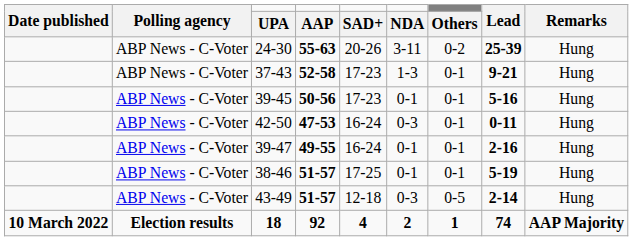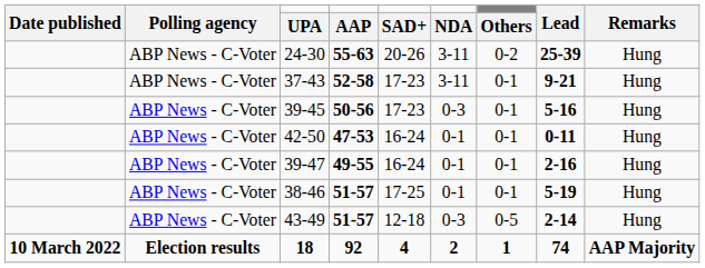 <table class="wikitable sortable" style="text-align:center">
 <tr>
 <th rowspan="2">Date published</th>
 <th rowspan="2">Polling agency</th>
 <td></td>
 <td></td>
 <td></td>
 <td></td>
 <td bgcolor="gray"></td>
 <th rowspan="2">Lead</th>
 <th rowspan="2">Remarks</th>
 </tr>
 <tr>
 <th>UPA</th>
 <th>AAP</th>
 <th>SAD+</th>
 <th>NDA</th>
 <th>Others</th>
 </tr>
 <tr>
 <td></td>
 <td>ABP News - C-Voter</td>
 <td>24-30</td>
 <td><strong>55-63</strong></td>
 <td>20-26</td>
 <td>3-11</td>
 <td>0-2</td>
 <td><strong>25-39</strong></td>
 <td>Hung</td>
 </tr>
 <tr>
 <td></td>
 <td>ABP News - C-Voter</td>
 <td>37-43</td>
 <td><strong>52-58</strong></td>
 <td>17-23</td>
-<td>1-3</td>
+<td>3-11</td>
 <td>0-1</td>
 <td><strong>9-21</strong></td>
 <td>Hung</td>
 </tr>
 <tr>
 <td></td>
 <td><a href='#'>ABP News</a> - C-Voter</td>
 <td>39-45</td>
 <td><strong>50-56</strong></td>
 <td>17-23</td>
-<td>0-1</td>
+<td>0-3</td>
 <td>0-1</td>
 <td><strong>5-16</strong></td>
 <td>Hung</td>
 </tr>
 <tr>
 <td></td>
 <td><a href='#'>ABP News</a> - C-Voter</td>
 <td>42-50</td>
 <td><strong>47-53</strong></td>
 <td>16-24</td>
-<td>0-3</td>
+<td>0-1</td>
 <td>0-1</td>
 <td><strong>0-11</strong></td>
 <td>Hung</td>
 </tr>
 <tr>
 <td></td>
 <td><a href='#'>ABP News</a> - C-Voter</td>
 <td>39-47</td>
 <td><strong>49-55</strong></td>
 <td>16-24</td>
 <td>0-1</td>
 <td>0-1</td>
 <td><strong>2-16</strong></td>
 <td>Hung</td>
 </tr>
 <tr>
 <td></td>
 <td><a href='#'>ABP News</a> - C-Voter</td>
 <td>38-46</td>
 <td><strong>51-57</strong></td>
 <td>17-25</td>
 <td>0-1</td>
 <td>0-1</td>
 <td><strong>5-19</strong></td>
 <td>Hung</td>
 </tr>
 <tr>
 <td></td>
 <td><a href='#'>ABP News</a> - C-Voter</td>
 <td>43-49</td>
 <td><strong>51-57</strong></td>
 <td>12-18</td>
 <td>0-3</td>
 <td>0-5</td>
 <td><strong>2-14</strong></td>
 <td>Hung</td>
 </tr>
 <tr>
 <td style="background:"><strong>10 March 2022</strong></td>
 <td style="background:"><strong>Election results</strong></td>
 <td style="background:"><strong>18</strong></td>
 <td><strong>92</strong></td>
 <td style="background:"><strong>4</strong></td>
 <td style="background:"><strong>2</strong></td>
 <td style="background:"><strong>1</strong></td>
 <td><strong>74</strong></td>
 <td style="background:"><strong>AAP Majority</strong></td>
 </tr>
 </table>
